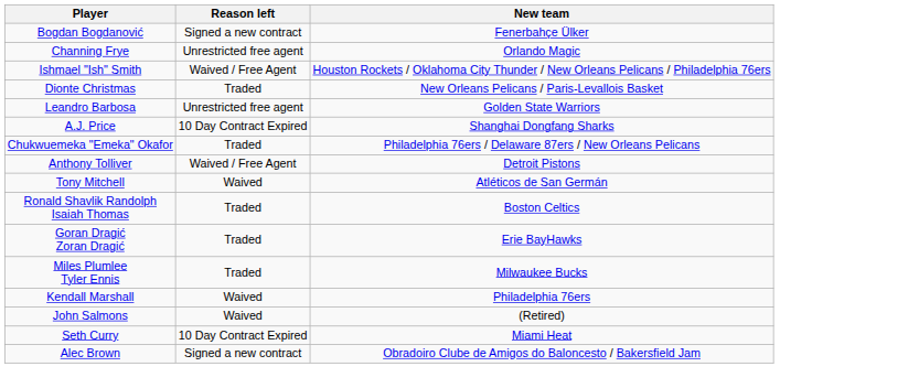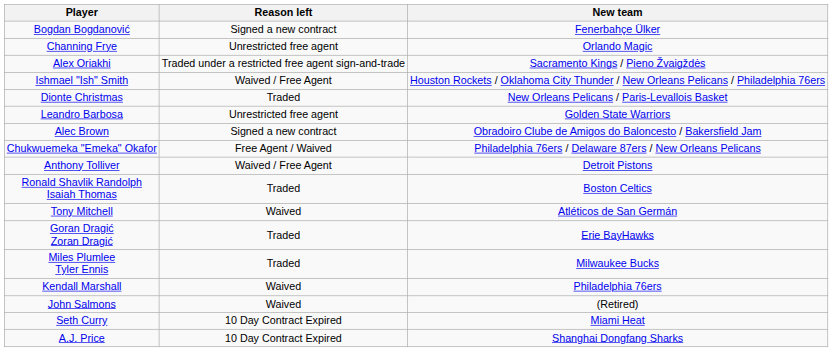 <table class="wikitable sortable sortable">
 <tr>
 <th>Player</th>
 <th>Reason left</th>
 <th>New team</th>
 </tr>
 <tr style="text-align: center">
 <td><a href='#'>Bogdan Bogdanović</a></td>
 <td>Signed a new contract</td>
 <td> <a href='#'>Fenerbahçe Ülker</a></td>
 </tr>
 <tr style="text-align: center">
 <td><a href='#'>Channing Frye</a></td>
 <td>Unrestricted free agent</td>
 <td><a href='#'>Orlando Magic</a></td>
 </tr>
 <tr style="text-align: center">
+<td><a href='#'>Alex Oriakhi</a></td>
+<td>Traded under a restricted free agent sign-and-trade</td>
+<td><a href='#'>Sacramento Kings</a> /  <a href='#'>Pieno Žvaigždės</a></td>
+</tr>
+<tr style="text-align: center">
 <td><a href='#'>Ishmael "Ish" Smith</a></td>
 <td>Waived / Free Agent</td>
 <td><a href='#'>Houston Rockets</a> / <a href='#'>Oklahoma City Thunder</a> / <a href='#'>New Orleans Pelicans</a> / <a href='#'>Philadelphia 76ers</a></td>
 </tr>
 <tr style="text-align: center">
 <td><a href='#'>Dionte Christmas</a></td>
 <td>Traded</td>
 <td><a href='#'>New Orleans Pelicans</a> /  <a href='#'>Paris-Levallois Basket</a></td>
 </tr>
 <tr style="text-align: center">
 <td><a href='#'>Leandro Barbosa</a></td>
 <td>Unrestricted free agent</td>
 <td><a href='#'><span>Golden State Warriors</span></a></td>
 </tr>
 <tr style="text-align: center">
-<td><a href='#'>A.J. Price</a></td>
-<td>10 Day Contract Expired</td>
-<td> <a href='#'>Shanghai Dongfang Sharks</a></td>
+<td><a href='#'>Alec Brown</a></td>
+<td>Signed a new contract</td>
+<td> <a href='#'>Obradoiro Clube de Amigos do Baloncesto</a> / <a href='#'>Bakersfield Jam</a></td>
 </tr>
 <tr style="text-align: center">
 <td><a href='#'>Chukwuemeka "Emeka" Okafor</a></td>
-<td>Traded</td>
+<td>Free Agent / Waived</td>
 <td><a href='#'>Philadelphia 76ers</a> / <a href='#'>Delaware 87ers</a> / <a href='#'>New Orleans Pelicans</a></td>
 </tr>
 <tr style="text-align: center">
 <td><a href='#'>Anthony Tolliver</a></td>
 <td>Waived / Free Agent</td>
 <td><a href='#'>Detroit Pistons</a></td>
 </tr>
 <tr style="text-align: center">
+<td><a href='#'>Ronald Shavlik Randolph</a><br><a href='#'>Isaiah Thomas</a></td>
+<td>Traded</td>
+<td><a href='#'>Boston Celtics</a></td>
+</tr>
+<tr style="text-align: center">
 <td><a href='#'>Tony Mitchell</a></td>
 <td>Waived</td>
 <td> <a href='#'>Atléticos de San Germán</a></td>
-</tr>
-<tr style="text-align: center">
-<td><a href='#'>Ronald Shavlik Randolph</a><br><a href='#'>Isaiah Thomas</a></td>
-<td>Traded</td>
-<td><a href='#'>Boston Celtics</a></td>
 </tr>
 <tr style="text-align: center">
 <td><a href='#'>Goran Dragić</a><br><a href='#'>Zoran Dragić</a></td>
 <td>Traded</td>
 <td><a href='#'>Erie BayHawks</a></td>
 </tr>
 <tr style="text-align: center">
 <td><a href='#'>Miles Plumlee</a><br><a href='#'>Tyler Ennis</a></td>
 <td>Traded</td>
 <td><a href='#'>Milwaukee Bucks</a></td>
 </tr>
 <tr style="text-align: center">
 <td><a href='#'>Kendall Marshall</a></td>
 <td>Waived</td>
 <td><a href='#'>Philadelphia 76ers</a></td>
 </tr>
 <tr style="text-align: center">
 <td><a href='#'>John Salmons</a></td>
 <td>Waived</td>
 <td> (Retired)</td>
 </tr>
 <tr style="text-align: center">
 <td><a href='#'>Seth Curry</a></td>
 <td>10 Day Contract Expired</td>
 <td><a href='#'>Miami Heat</a></td>
 </tr>
 <tr style="text-align: center">
-<td><a href='#'>Alec Brown</a></td>
-<td>Signed a new contract</td>
-<td> <a href='#'>Obradoiro Clube de Amigos do Baloncesto</a> / <a href='#'>Bakersfield Jam</a></td>
+<td><a href='#'>A.J. Price</a></td>
+<td>10 Day Contract Expired</td>
+<td> <a href='#'>Shanghai Dongfang Sharks</a></td>
 </tr>
 </table>
